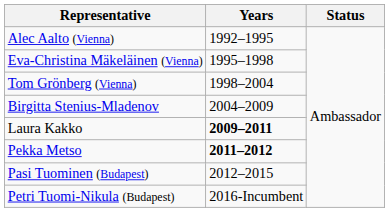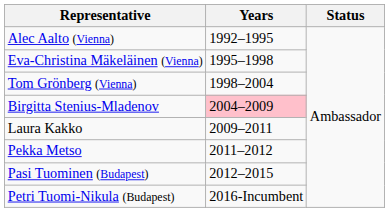 <table class="wikitable sortable">
 <tr>
 <th>Representative</th>
 <th>Years</th>
 <th>Status</th>
 </tr>
 <tr>
 <td><a href='#'>Alec Aalto</a> <small>(<a href='#'>Vienna</a>)</small></td>
 <td>1992–1995</td>
 <td rowspan="8">Ambassador</td>
 </tr>
 <tr>
 <td><a href='#'>Eva-Christina Mäkeläinen</a> <small>(<a href='#'>Vienna</a>)</small></td>
 <td>1995–1998</td>
 </tr>
 <tr>
 <td><a href='#'>Tom Grönberg</a> <small>(<a href='#'>Vienna</a>)</small></td>
 <td>1998–2004</td>
 </tr>
 <tr>
 <td><a href='#'>Birgitta Stenius-Mladenov</a></td>
-<td>2004–2009</td>
+<td style="background: pink;">2004–2009</td>
 </tr>
 <tr>
 <td>Laura Kakko</td>
-<td><strong>2009–2011</strong></td>
+<td>2009–2011</td>
 </tr>
 <tr>
 <td><a href='#'>Pekka Metso</a></td>
-<td><strong>2011–2012</strong></td>
+<td>2011–2012</td>
 </tr>
 <tr>
 <td><a href='#'>Pasi Tuominen</a>  <small>(<a href='#'>Budapest</a>)</small></td>
 <td>2012–2015</td>
 </tr>
 <tr>
 <td><a href='#'>Petri Tuomi-Nikula</a> <small>(Budapest)</small></td>
 <td>2016-Incumbent</td>
 </tr>
 </table>
